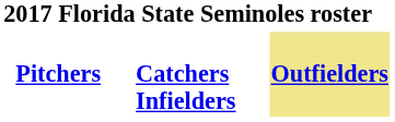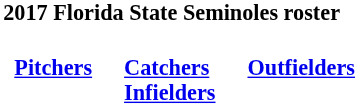 <table class="toccolours" style="text-align: left;">
 <tr>
 <th colspan=9>2017 Florida State Seminoles roster</th>
 </tr>
 <tr>
 <td width="03"> </td>
 <td valign="top"><br><strong><a href='#'>Pitchers</a></strong></td>
 <td width="15"> </td>
 <td valign="top"><br><strong><a href='#'>Catchers</a></strong><br><strong><a href='#'>Infielders</a></strong></td>
 <td width="15"> </td>
-<td valign="top" style="background: khaki;"><br><strong><a href='#'>Outfielders</a></strong></td>
+<td valign="top"><br><strong><a href='#'>Outfielders</a></strong></td>
 <td width="25"> </td>
 </tr>
 </table>
